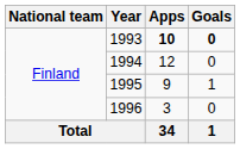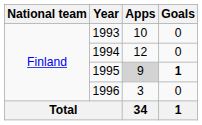 <table class="wikitable" style="text-align:center">
 <tr>
 <th>National team</th>
 <th>Year</th>
 <th>Apps</th>
 <th>Goals</th>
 </tr>
 <tr>
 <td rowspan="4"><a href='#'>Finland</a></td>
 <td>1993</td>
-<td><strong>10</strong></td>
-<td><strong>0</strong></td>
+<td>10</td>
+<td>0</td>
 </tr>
 <tr>
 <td>1994</td>
 <td>12</td>
 <td>0</td>
 </tr>
 <tr>
 <td>1995</td>
-<td>9</td>
-<td>1</td>
+<td style="background: lightgrey;">9</td>
+<td><strong>1</strong></td>
 </tr>
 <tr>
 <td>1996</td>
 <td>3</td>
 <td>0</td>
 </tr>
 <tr>
 <th colspan="2">Total</th>
 <th>34</th>
 <th>1</th>
 </tr>
 </table>
